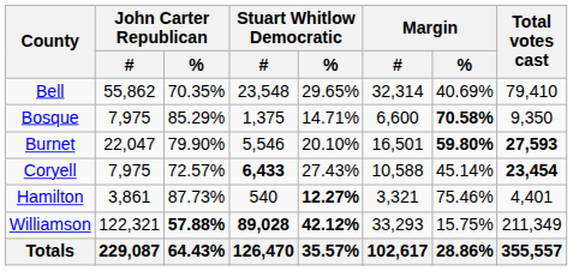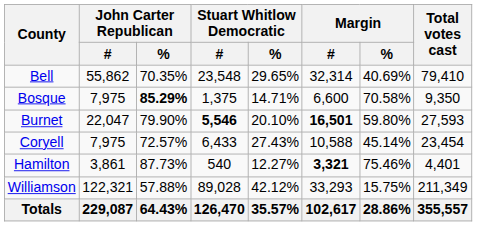 <table width="60%"  class="wikitable sortable" style="text-align:center">
 <tr>
 <th rowspan="2">County</th>
 <th style="text-align:center;" colspan="2">John Carter<br>Republican</th>
 <th style="text-align:center;" colspan="2">Stuart Whitlow<br>Democratic</th>
 <th style="text-align:center;" colspan="2">Margin</th>
 <th rowspan="2" style="text-align:center;">Total votes cast</th>
 </tr>
 <tr>
 <th style="text-align:center;" data-sort-type="number">#</th>
 <th style="text-align:center;" data-sort-type="number">%</th>
 <th style="text-align:center;" data-sort-type="number">#</th>
 <th style="text-align:center;" data-sort-type="number">%</th>
 <th style="text-align:center;" data-sort-type="number">#</th>
 <th style="text-align:center;" data-sort-type="number">%</th>
 </tr>
 <tr style="text-align:center;">
 <td style="background-color:"><a href='#'>Bell</a></td>
 <td style="background-color:">55,862</td>
 <td style="background-color:">70.35%</td>
 <td style="color:black;background-color:">23,548</td>
 <td style="color:black;background-color:">29.65%</td>
 <td style="background-color:">32,314</td>
 <td style="background-color:">40.69%</td>
 <td style="background-color:">79,410</td>
 </tr>
 <tr style="text-align:center;">
 <td style="background-color:"><a href='#'>Bosque</a></td>
 <td style="background-color:">7,975</td>
-<td style="background-color:">85.29%</td>
+<td style="background-color:"><strong>85.29%</strong></td>
 <td style="color:black;background-color:">1,375</td>
 <td style="color:black;background-color:">14.71%</td>
 <td style="background-color:">6,600</td>
-<td style="background-color:"><strong>70.58%</strong></td>
+<td style="background-color:">70.58%</td>
 <td style="background-color:">9,350</td>
 </tr>
 <tr style="text-align:center;">
 <td style="background-color:"><a href='#'>Burnet</a></td>
 <td style="background-color:">22,047</td>
 <td style="background-color:">79.90%</td>
-<td style="color:black;background-color:">5,546</td>
+<td style="color:black;background-color:"><strong>5,546</strong></td>
 <td style="color:black;background-color:">20.10%</td>
-<td style="background-color:">16,501</td>
-<td style="background-color:"><strong>59.80%</strong></td>
-<td style="background-color:"><strong>27,593</strong></td>
+<td style="background-color:"><strong>16,501</strong></td>
+<td style="background-color:">59.80%</td>
+<td style="background-color:">27,593</td>
 </tr>
 <tr style="text-align:center;">
 <td style="background-color:"><a href='#'>Coryell</a></td>
 <td style="background-color:">7,975</td>
 <td style="background-color:">72.57%</td>
-<td style="color:black;background-color:"><strong>6,433</strong></td>
+<td style="color:black;background-color:">6,433</td>
 <td style="color:black;background-color:">27.43%</td>
 <td style="background-color:">10,588</td>
 <td style="background-color:">45.14%</td>
-<td style="background-color:"><strong>23,454</strong></td>
+<td style="background-color:">23,454</td>
 </tr>
 <tr style="text-align:center;">
 <td style="background-color:"><a href='#'>Hamilton</a></td>
 <td style="background-color:">3,861</td>
 <td style="background-color:">87.73%</td>
 <td style="color:black;background-color:">540</td>
-<td style="color:black;background-color:"><strong>12.27%</strong></td>
-<td style="background-color:">3,321</td>
+<td style="color:black;background-color:">12.27%</td>
+<td style="background-color:"><strong>3,321</strong></td>
 <td style="background-color:">75.46%</td>
 <td style="background-color:">4,401</td>
 </tr>
 <tr style="text-align:center;">
 <td style="background-color:"><a href='#'>Williamson</a></td>
 <td style="background-color:">122,321</td>
-<td style="background-color:"><strong>57.88%</strong></td>
-<td style="color:black;background-color:"><strong>89,028</strong></td>
-<td style="color:black;background-color:"><strong>42.12%</strong></td>
+<td style="background-color:">57.88%</td>
+<td style="color:black;background-color:">89,028</td>
+<td style="color:black;background-color:">42.12%</td>
 <td style="background-color:">33,293</td>
 <td style="background-color:">15.75%</td>
 <td style="background-color:">211,349</td>
 </tr>
 <tr style="text-align:center;">
 <th>Totals</th>
 <th>229,087</th>
 <th>64.43%</th>
 <th>126,470</th>
 <th>35.57%</th>
 <th>102,617</th>
 <th>28.86%</th>
 <th>355,557</th>
 </tr>
 </table>
